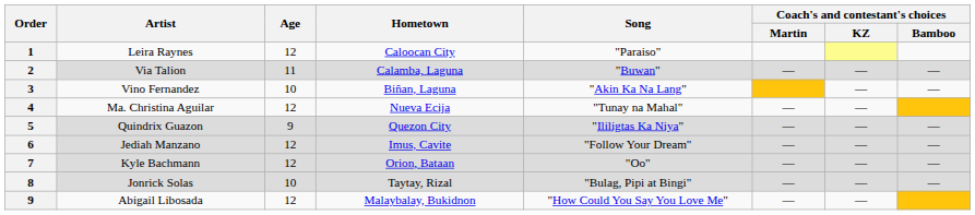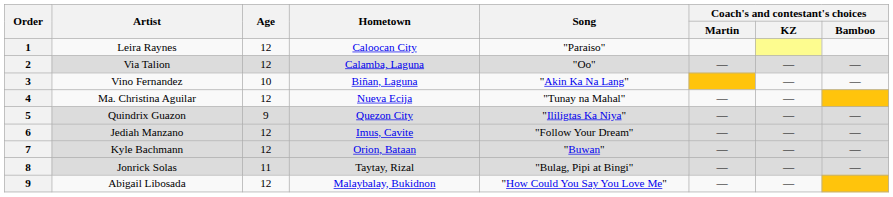 <table class="wikitable" style="text-align:center; line-height:17px; width:100%;">
 <tr>
 <th rowspan="2" scope="col" width="05%">Order</th>
 <th rowspan="2" scope="col" width="20%">Artist</th>
 <th rowspan="2" scope="col" width="05%">Age</th>
 <th rowspan="2" scope="col" width="20%">Hometown</th>
 <th rowspan="2" scope="col" width="22%">Song</th>
 <th colspan="3">Coach's and contestant's choices</th>
 </tr>
 <tr>
 <th width="07%">Martin</th>
 <th width="07%">KZ</th>
 <th width="07%">Bamboo</th>
 </tr>
 <tr>
 <th>1</th>
 <td>Leira Raynes</td>
 <td>12</td>
 <td><a href='#'>Caloocan City</a></td>
 <td>"Paraiso"</td>
 <td><strong></strong></td>
 <td style="background:#fdfc8f;"><strong></strong></td>
 <td><strong></strong></td>
 </tr>
 <tr>
 <th>2</th>
 <td style="background:#DCDCDC;">Via Talion</td>
-<td style="background:#DCDCDC;">11</td>
+<td style="background:#DCDCDC;">12</td>
 <td style="background:#DCDCDC;"><a href='#'>Calamba, Laguna</a></td>
-<td style="background:#DCDCDC;">"<a href='#'>Buwan</a>"</td>
+<td style="background:#DCDCDC;">"Oo"</td>
 <td style="background:#DCDCDC;">—</td>
 <td style="background:#DCDCDC;">—</td>
 <td style="background:#DCDCDC;">—</td>
 </tr>
 <tr>
 <th>3</th>
 <td>Vino Fernandez</td>
 <td>10</td>
 <td><a href='#'>Biñan, Laguna</a></td>
 <td>"<a href='#'>Akin Ka Na Lang</a>"</td>
 <td style="background:#FFC40C;"><strong></strong></td>
 <td>—</td>
 <td>—</td>
 </tr>
 <tr>
 <th>4</th>
 <td>Ma. Christina Aguilar</td>
 <td>12</td>
 <td><a href='#'>Nueva Ecija</a></td>
 <td>"Tunay na Mahal"</td>
 <td>—</td>
 <td>—</td>
 <td style="background:#FFC40C;"><strong></strong></td>
 </tr>
 <tr>
 <th>5</th>
 <td style="background:#DCDCDC;">Quindrix Guazon</td>
 <td style="background:#DCDCDC;">9</td>
 <td style="background:#DCDCDC;"><a href='#'>Quezon City</a></td>
 <td style="background:#DCDCDC;">"<a href='#'>Ililigtas Ka Niya</a>"</td>
 <td style="background:#DCDCDC;">—</td>
 <td style="background:#DCDCDC;">—</td>
 <td style="background:#DCDCDC;">—</td>
 </tr>
 <tr>
 <th>6</th>
 <td style="background:#DCDCDC;">Jediah Manzano</td>
 <td style="background:#DCDCDC;">12</td>
 <td style="background:#DCDCDC;"><a href='#'>Imus, Cavite</a></td>
 <td style="background:#DCDCDC;">"Follow Your Dream"</td>
 <td style="background:#DCDCDC;">—</td>
 <td style="background:#DCDCDC;">—</td>
 <td style="background:#DCDCDC;">—</td>
 </tr>
 <tr>
 <th>7</th>
 <td style="background:#DCDCDC;">Kyle Bachmann</td>
 <td style="background:#DCDCDC;">12</td>
 <td style="background:#DCDCDC;"><a href='#'>Orion, Bataan</a></td>
-<td style="background:#DCDCDC;">"Oo"</td>
+<td style="background:#DCDCDC;">"<a href='#'>Buwan</a>"</td>
 <td style="background:#DCDCDC;">—</td>
 <td style="background:#DCDCDC;">—</td>
 <td style="background:#DCDCDC;">—</td>
 </tr>
 <tr>
 <th>8</th>
 <td style="background:#DCDCDC;">Jonrick Solas</td>
-<td style="background:#DCDCDC;">10</td>
+<td style="background:#DCDCDC;">11</td>
 <td style="background:#DCDCDC;">Taytay, Rizal</td>
 <td style="background:#DCDCDC;">"Bulag, Pipi at Bingi"</td>
 <td style="background:#DCDCDC;">—</td>
 <td style="background:#DCDCDC;">—</td>
 <td style="background:#DCDCDC;">—</td>
 </tr>
 <tr>
 <th>9</th>
 <td>Abigail Libosada</td>
 <td>12</td>
 <td><a href='#'>Malaybalay, Bukidnon</a></td>
 <td>"<a href='#'>How Could You Say You Love Me</a>"</td>
 <td>—</td>
 <td>—</td>
 <td style="background:#FFC40C;"><strong></strong></td>
 </tr>
 </table>
